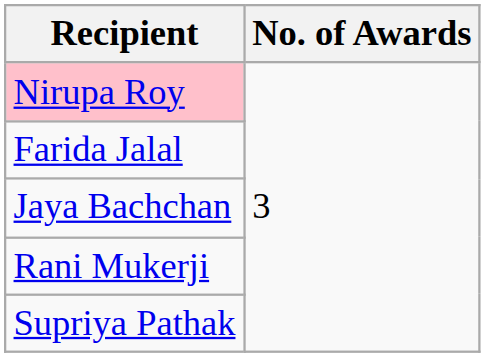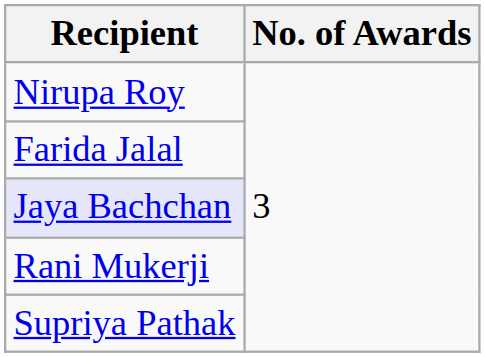 <table class="wikitable">
 <tr>
 <th>Recipient</th>
 <th>No. of Awards</th>
 </tr>
 <tr>
-<td style="background: pink;"><a href='#'>Nirupa Roy</a></td>
+<td><a href='#'>Nirupa Roy</a></td>
 <td rowspan=5>3</td>
 </tr>
 <tr>
 <td><a href='#'>Farida Jalal</a></td>
 </tr>
 <tr>
-<td><a href='#'>Jaya Bachchan</a></td>
+<td style="background: lavender;"><a href='#'>Jaya Bachchan</a></td>
 </tr>
 <tr>
 <td><a href='#'>Rani Mukerji</a></td>
 </tr>
 <tr>
 <td><a href='#'>Supriya Pathak</a></td>
 </tr>
 </table>
